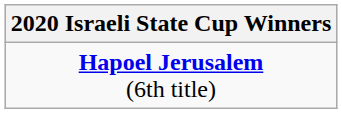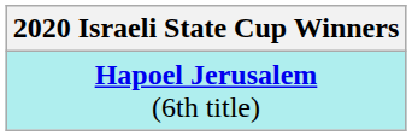 <table class=wikitable style="text-align:center; margin:auto">
 <tr>
 <th>2020 Israeli State Cup Winners</th>
 </tr>
 <tr>
-<td><strong><a href='#'>Hapoel Jerusalem</a></strong><br>(6th title)</td>
+<td style="background: paleturquoise;"><strong><a href='#'>Hapoel Jerusalem</a></strong><br>(6th title)</td>
 </tr>
 </table>
